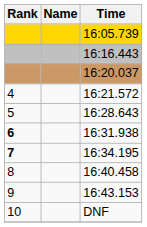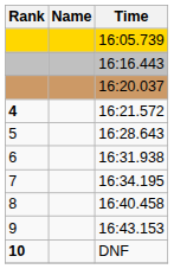 <table class="wikitable">
 <tr>
 <th>Rank</th>
 <th>Name</th>
 <th>Time</th>
 </tr>
 <tr style="background:gold;">
 <td></td>
 <td></td>
 <td>16:05.739</td>
 </tr>
 <tr style="background:silver;">
 <td></td>
 <td></td>
 <td>16:16.443</td>
 </tr>
 <tr style="background:#cc9966;">
 <td></td>
 <td></td>
 <td>16:20.037</td>
 </tr>
 <tr>
-<td>4</td>
+<td><strong>4</strong></td>
 <td></td>
 <td>16:21.572</td>
 </tr>
 <tr>
 <td>5</td>
 <td></td>
 <td>16:28.643</td>
 </tr>
 <tr>
-<td><strong>6</strong></td>
+<td>6</td>
 <td></td>
 <td>16:31.938</td>
 </tr>
 <tr>
-<td><strong>7</strong></td>
+<td>7</td>
 <td></td>
 <td>16:34.195</td>
 </tr>
 <tr>
 <td>8</td>
 <td></td>
 <td>16:40.458</td>
 </tr>
 <tr>
 <td>9</td>
 <td></td>
 <td>16:43.153</td>
 </tr>
 <tr>
-<td>10</td>
+<td><strong>10</strong></td>
 <td></td>
 <td>DNF</td>
 </tr>
 <tr>
 </tr>
 </table>
